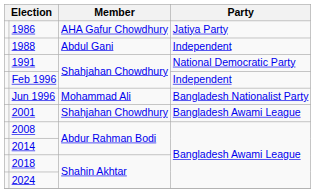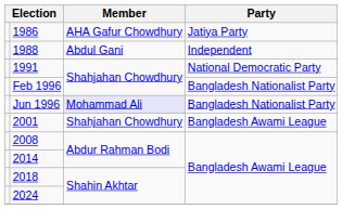 <table class="wikitable">
 <tr>
 <th colspan="2">Election</th>
 <th>Member</th>
 <th>Party</th>
 </tr>
 <tr>
 <td style="background-color:"></td>
 <td><a href='#'>1986</a></td>
 <td><a href='#'>AHA Gafur Chowdhury</a></td>
 <td><a href='#'>Jatiya Party</a></td>
 </tr>
 <tr>
 <td style="background-color:"></td>
 <td><a href='#'>1988</a></td>
 <td><a href='#'>Abdul Gani</a></td>
 <td><a href='#'>Independent</a></td>
 </tr>
 <tr>
 <td style="background-color:"></td>
 <td><a href='#'>1991</a></td>
 <td rowspan="2"><a href='#'>Shahjahan Chowdhury</a></td>
 <td><a href='#'>National Democratic Party</a></td>
 </tr>
 <tr>
 <td style="background-color:"></td>
 <td><a href='#'>Feb 1996</a></td>
-<td><a href='#'>Independent</a></td>
+<td><a href='#'>Bangladesh Nationalist Party</a></td>
 </tr>
 <tr>
 <td style="background-color:"></td>
 <td><a href='#'>Jun 1996</a></td>
-<td><a href='#'>Mohammad Ali</a></td>
+<td style="background: lavender;"><a href='#'>Mohammad Ali</a></td>
 <td><a href='#'>Bangladesh Nationalist Party</a></td>
 </tr>
 <tr>
 <td style="background-color:"></td>
 <td><a href='#'>2001</a></td>
 <td><a href='#'>Shahjahan Chowdhury</a></td>
 <td><a href='#'>Bangladesh Awami League</a></td>
 </tr>
 <tr>
 <td style="background-color:"></td>
 <td><a href='#'>2008</a></td>
 <td rowspan="2"><a href='#'>Abdur Rahman Bodi</a></td>
 <td rowspan="4"><a href='#'>Bangladesh Awami League</a></td>
 </tr>
 <tr>
 <td style="background-color:"></td>
 <td><a href='#'>2014</a></td>
 </tr>
 <tr>
 <td style="background-color:"></td>
 <td><a href='#'>2018</a></td>
 <td rowspan="2"><a href='#'>Shahin Akhtar</a></td>
 </tr>
 <tr>
 <td style="background-color:"></td>
 <td><a href='#'>2024</a></td>
 </tr>
 <tr>
 </tr>
 </table>
